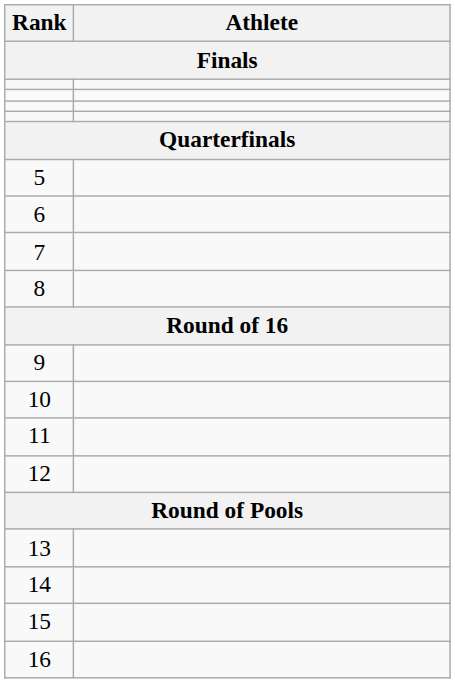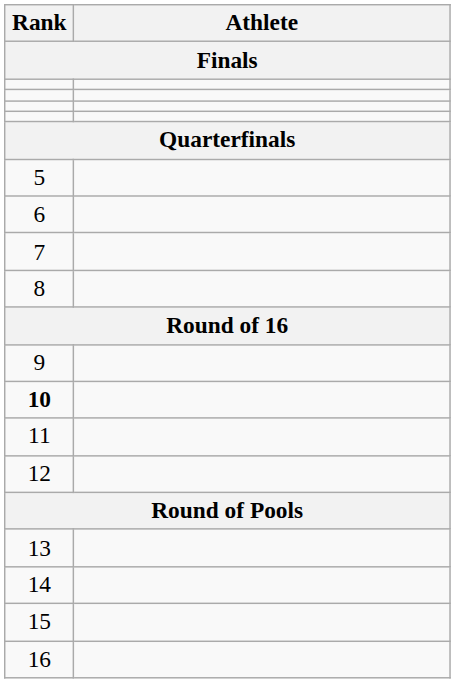 <table class="wikitable" style="text-align:center;">
 <tr>
 <th width=40>Rank</th>
 <th width=250>Athlete</th>
 </tr>
 <tr>
 <th colspan="2">Finals</th>
 </tr>
 <tr>
 <td></td>
 <td align=left></td>
 </tr>
 <tr>
 <td></td>
 <td align=left></td>
 </tr>
 <tr>
 <td></td>
 <td align=left></td>
 </tr>
 <tr>
 <td></td>
 <td align=left></td>
 </tr>
 <tr>
 <th colspan="2">Quarterfinals</th>
 </tr>
 <tr>
 <td>5</td>
 <td align=left></td>
 </tr>
 <tr>
 <td>6</td>
 <td align=left></td>
 </tr>
 <tr>
 <td>7</td>
 <td align=left></td>
 </tr>
 <tr>
 <td>8</td>
 <td align=left></td>
 </tr>
 <tr>
 <th colspan="2">Round of 16</th>
 </tr>
 <tr>
 <td>9</td>
 <td align=left></td>
 </tr>
 <tr>
-<td>10</td>
+<td><strong>10</strong></td>
 <td align=left></td>
 </tr>
 <tr>
 <td>11</td>
 <td align=left></td>
 </tr>
 <tr>
 <td>12</td>
 <td align=left></td>
 </tr>
 <tr>
 <th colspan="2">Round of Pools</th>
 </tr>
 <tr>
 <td>13</td>
 <td align=left></td>
 </tr>
 <tr>
 <td>14</td>
 <td align=left></td>
 </tr>
 <tr>
 <td>15</td>
 <td align=left></td>
 </tr>
 <tr>
 <td>16</td>
 <td align=left></td>
 </tr>
 </table>
